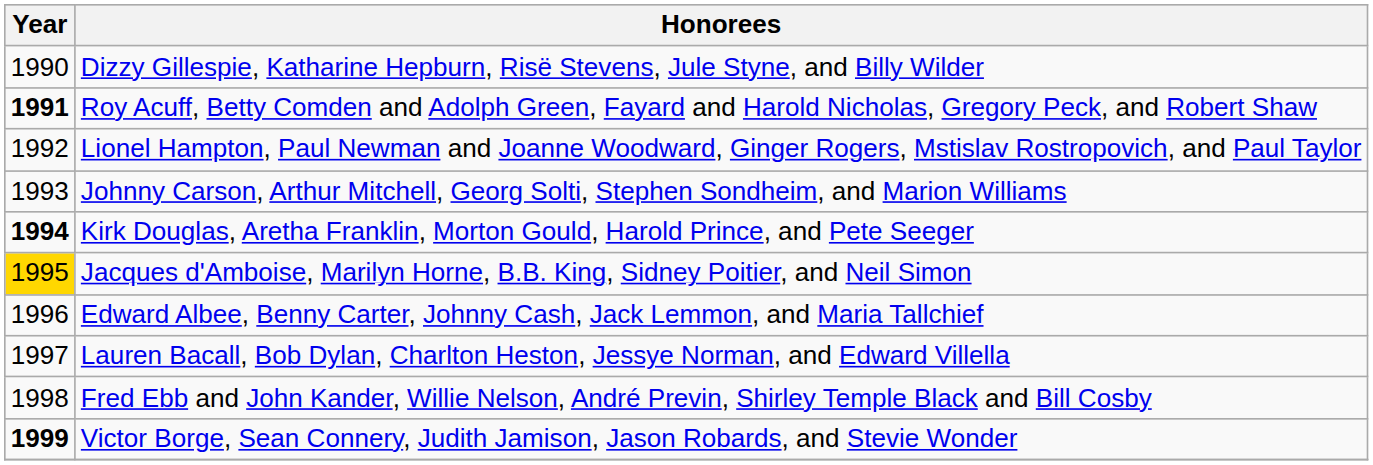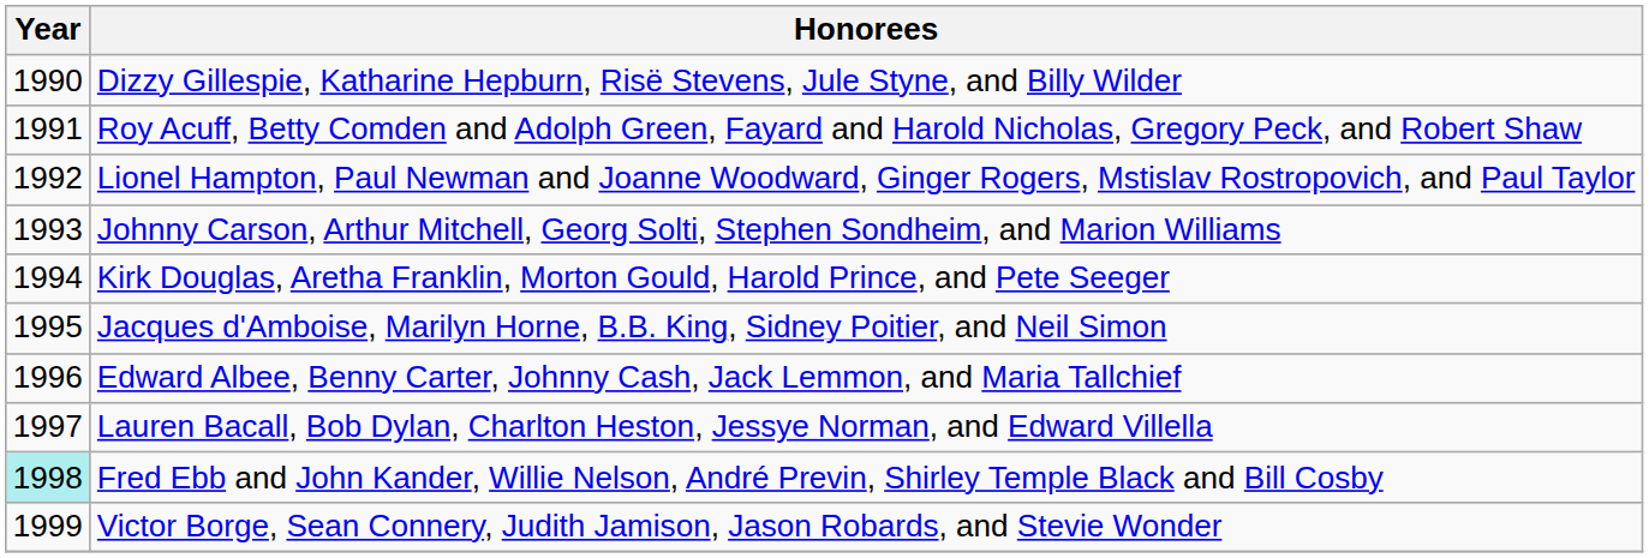 <table class="wikitable">
 <tr>
 <th>Year</th>
 <th>Honorees</th>
 </tr>
 <tr>
 <td>1990</td>
 <td><a href='#'>Dizzy Gillespie</a>, <a href='#'>Katharine Hepburn</a>, <a href='#'>Risë Stevens</a>, <a href='#'>Jule Styne</a>, and <a href='#'>Billy Wilder</a></td>
 </tr>
 <tr>
-<td><strong>1991</strong></td>
+<td>1991</td>
 <td><a href='#'>Roy Acuff</a>, <a href='#'>Betty Comden</a> and <a href='#'>Adolph Green</a>, <a href='#'>Fayard</a> and <a href='#'>Harold Nicholas</a>, <a href='#'>Gregory Peck</a>, and <a href='#'>Robert Shaw</a></td>
 </tr>
 <tr>
 <td>1992</td>
 <td><a href='#'>Lionel Hampton</a>, <a href='#'>Paul Newman</a> and <a href='#'>Joanne Woodward</a>, <a href='#'>Ginger Rogers</a>, <a href='#'>Mstislav Rostropovich</a>, and <a href='#'>Paul Taylor</a></td>
 </tr>
 <tr>
 <td>1993</td>
 <td><a href='#'>Johnny Carson</a>, <a href='#'>Arthur Mitchell</a>, <a href='#'>Georg Solti</a>, <a href='#'>Stephen Sondheim</a>, and <a href='#'>Marion Williams</a></td>
 </tr>
 <tr>
-<td><strong>1994</strong></td>
+<td>1994</td>
 <td><a href='#'>Kirk Douglas</a>, <a href='#'>Aretha Franklin</a>, <a href='#'>Morton Gould</a>, <a href='#'>Harold Prince</a>, and <a href='#'>Pete Seeger</a></td>
 </tr>
 <tr>
-<td style="background: gold;">1995</td>
+<td>1995</td>
 <td><a href='#'>Jacques d'Amboise</a>, <a href='#'>Marilyn Horne</a>, <a href='#'>B.B. King</a>, <a href='#'>Sidney Poitier</a>, and <a href='#'>Neil Simon</a></td>
 </tr>
 <tr>
 <td>1996</td>
 <td><a href='#'>Edward Albee</a>, <a href='#'>Benny Carter</a>, <a href='#'>Johnny Cash</a>, <a href='#'>Jack Lemmon</a>, and <a href='#'>Maria Tallchief</a></td>
 </tr>
 <tr>
 <td>1997</td>
 <td><a href='#'>Lauren Bacall</a>, <a href='#'>Bob Dylan</a>, <a href='#'>Charlton Heston</a>, <a href='#'>Jessye Norman</a>, and <a href='#'>Edward Villella</a></td>
 </tr>
 <tr>
-<td>1998</td>
+<td style="background: paleturquoise;">1998</td>
 <td><a href='#'>Fred Ebb</a> and <a href='#'>John Kander</a>, <a href='#'>Willie Nelson</a>, <a href='#'>André Previn</a>, <a href='#'>Shirley Temple Black</a> and <a href='#'>Bill Cosby</a></td>
 </tr>
 <tr>
-<td><strong>1999</strong></td>
+<td>1999</td>
 <td><a href='#'>Victor Borge</a>, <a href='#'>Sean Connery</a>, <a href='#'>Judith Jamison</a>, <a href='#'>Jason Robards</a>, and <a href='#'>Stevie Wonder</a></td>
 </tr>
 <tr>
 </tr>
 </table>
